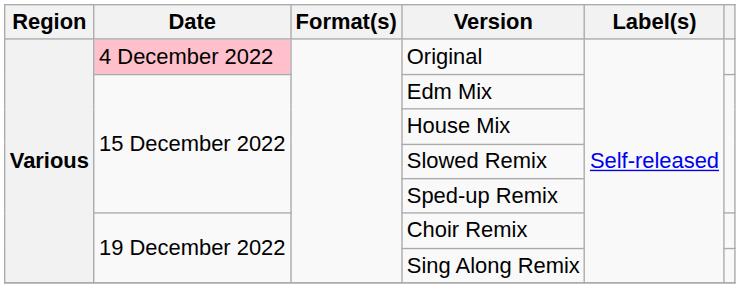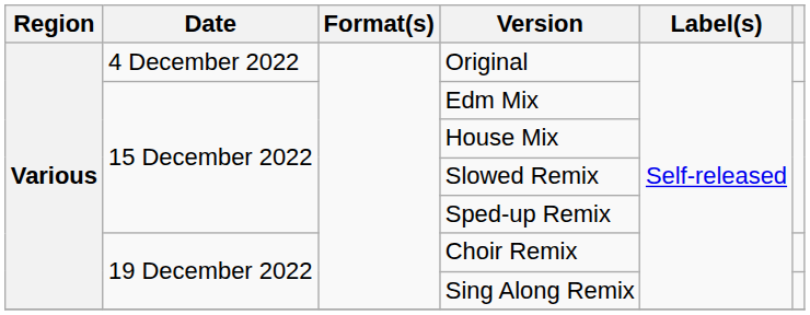 <table class="wikitable plainrowheaders">
 <tr>
 <th scope="col">Region</th>
 <th scope="col">Date</th>
 <th scope="col">Format(s)</th>
 <th scope="col">Version</th>
 <th scope="col">Label(s)</th>
 <th scope="col"></th>
 </tr>
 <tr>
 <th rowspan="7" scope="row">Various</th>
-<td style="background: pink;">4 December 2022</td>
+<td>4 December 2022</td>
 <td rowspan="7" scope="row"></td>
 <td>Original</td>
 <td rowspan="7" scope="row"><a href='#'>Self-released</a></td>
 <td style="text-align:center;"></td>
 </tr>
 <tr>
 <td rowspan="4" scope="row">15 December 2022</td>
 <td>Edm Mix</td>
 <td rowspan="4" scope="row"  style="text-align:center;"></td>
 </tr>
 <tr>
 <td>House Mix</td>
 </tr>
 <tr>
 <td>Slowed Remix</td>
 </tr>
 <tr>
 <td>Sped-up Remix</td>
 </tr>
 <tr>
 <td rowspan="2" scope="row">19 December 2022</td>
 <td>Choir Remix</td>
 <td style="text-align:center;"></td>
 </tr>
 <tr>
 <td>Sing Along Remix</td>
 <td style="text-align:center;"></td>
 </tr>
 <tr>
 </tr>
 </table>
